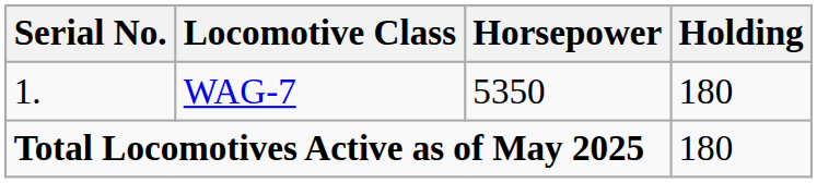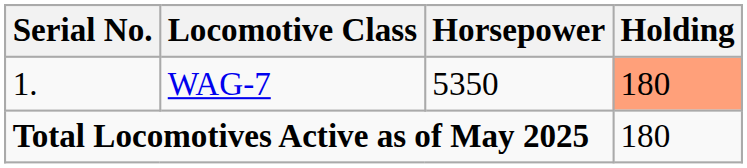 <table class="wikitable">
 <tr>
 <th>Serial No.</th>
 <th>Locomotive Class</th>
 <th>Horsepower</th>
 <th>Holding</th>
 </tr>
 <tr>
 <td>1.</td>
 <td><a href='#'>WAG-7</a></td>
 <td>5350</td>
-<td>180</td>
+<td style="background: lightsalmon;">180</td>
 </tr>
 <tr>
 <td colspan="3"><strong>Total Locomotives Active as of May 2025</strong></td>
 <td>180</td>
 </tr>
 </table>
